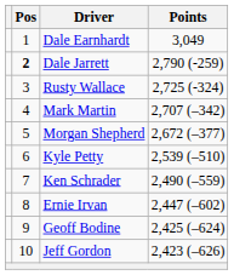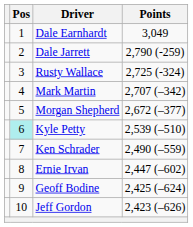 <table class="wikitable" style="font-size: 95%;">
 <tr>
 <th></th>
 <th>Pos</th>
 <th>Driver</th>
 <th>Points</th>
 </tr>
 <tr>
 <td align="left"></td>
 <td style="text-align:center;">1</td>
 <td><a href='#'>Dale Earnhardt</a></td>
 <td style="text-align:center;">3,049</td>
 </tr>
 <tr>
 <td align="left"></td>
-<td style="text-align:center;"><strong>2</strong></td>
+<td style="text-align:center;">2</td>
 <td><a href='#'>Dale Jarrett</a></td>
 <td style="text-align:center;">2,790 (-259)</td>
 </tr>
 <tr>
 <td align="left"></td>
 <td style="text-align:center;">3</td>
 <td><a href='#'>Rusty Wallace</a></td>
 <td style="text-align:center;">2,725 (-324)</td>
 </tr>
 <tr>
 <td align="left"></td>
 <td style="text-align:center;">4</td>
 <td><a href='#'>Mark Martin</a></td>
 <td style="text-align:center;">2,707 (–342)</td>
 </tr>
 <tr>
 <td align="left"></td>
 <td style="text-align:center;">5</td>
 <td><a href='#'>Morgan Shepherd</a></td>
 <td style="text-align:center;">2,672 (–377)</td>
 </tr>
 <tr>
 <td align="left"></td>
-<td style="text-align:center;">6</td>
+<td style="background: paleturquoise; text-align:center;">6</td>
 <td><a href='#'>Kyle Petty</a></td>
 <td style="text-align:center;">2,539 (–510)</td>
 </tr>
 <tr>
 <td align="left"></td>
 <td style="text-align:center;">7</td>
 <td><a href='#'>Ken Schrader</a></td>
 <td style="text-align:center;">2,490 (–559)</td>
 </tr>
 <tr>
 <td align="left"></td>
 <td style="text-align:center;">8</td>
 <td><a href='#'>Ernie Irvan</a></td>
 <td style="text-align:center;">2,447 (–602)</td>
 </tr>
 <tr>
 <td align="left"></td>
 <td style="text-align:center;">9</td>
 <td><a href='#'>Geoff Bodine</a></td>
 <td style="text-align:center;">2,425 (–624)</td>
 </tr>
 <tr>
 <td align="left"></td>
 <td style="text-align:center;">10</td>
 <td><a href='#'>Jeff Gordon</a></td>
 <td style="text-align:center;">2,423 (–626)</td>
 </tr>
 <tr class="sortbottom">
 <th colspan="9"></th>
 </tr>
 </table>
